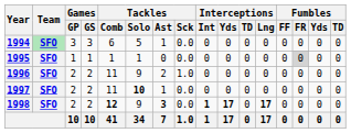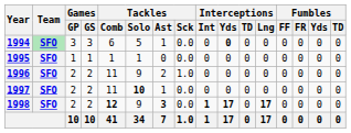 <table class="wikitable" style="text-align:center">
 <tr>
 <th rowspan="2">Year</th>
 <th rowspan="2">Team</th>
 <th colspan="2">Games</th>
 <th colspan="4">Tackles</th>
 <th colspan="4">Interceptions</th>
 <th colspan="4">Fumbles</th>
 </tr>
 <tr>
 <th>GP</th>
 <th>GS</th>
 <th>Comb</th>
 <th>Solo</th>
 <th>Ast</th>
 <th>Sck</th>
 <th>Int</th>
 <th>Yds</th>
 <th>TD</th>
 <th>Lng</th>
 <th>FF</th>
 <th>FR</th>
 <th>Yds</th>
 <th>TD</th>
 </tr>
 <tr>
 <th><a href='#'>1994</a></th>
 <th style="background:#afe6ba; width:3em;"><a href='#'>SFO</a></th>
 <td>3</td>
 <td>3</td>
 <td>6</td>
 <td>5</td>
 <td>1</td>
 <td>0.0</td>
 <td>0</td>
-<td>0</td>
+<td><strong>0</strong></td>
 <td>0</td>
 <td>0</td>
 <td>0</td>
 <td>0</td>
 <td>0</td>
 <td>0</td>
 </tr>
 <tr>
 <th><a href='#'>1995</a></th>
 <th><a href='#'>SFO</a></th>
 <td>1</td>
 <td>1</td>
 <td>1</td>
 <td>1</td>
 <td>0</td>
 <td>0.0</td>
 <td>0</td>
 <td>0</td>
 <td>0</td>
 <td>0</td>
 <td>0</td>
-<td style="background: lightgrey;">0</td>
+<td>0</td>
 <td>0</td>
 <td>0</td>
 </tr>
 <tr>
 <th><a href='#'>1996</a></th>
 <th><a href='#'>SFO</a></th>
 <td>2</td>
 <td>2</td>
 <td>11</td>
 <td>9</td>
 <td>2</td>
 <td>1.0</td>
 <td>0</td>
 <td>0</td>
 <td>0</td>
 <td>0</td>
 <td>0</td>
 <td>0</td>
 <td>0</td>
 <td>0</td>
 </tr>
 <tr>
 <th><a href='#'>1997</a></th>
 <th><a href='#'>SFO</a></th>
 <td>2</td>
 <td>2</td>
 <td>11</td>
 <td><strong>10</strong></td>
 <td>1</td>
 <td>0.0</td>
 <td>0</td>
 <td>0</td>
 <td>0</td>
 <td>0</td>
 <td>0</td>
 <td>0</td>
 <td>0</td>
 <td>0</td>
 </tr>
 <tr>
 <th><a href='#'>1998</a></th>
 <th><a href='#'>SFO</a></th>
 <td>2</td>
 <td>2</td>
 <td><strong>12</strong></td>
 <td>9</td>
 <td><strong>3</strong></td>
 <td>0.0</td>
 <td><strong>1</strong></td>
 <td><strong>17</strong></td>
 <td>0</td>
 <td><strong>17</strong></td>
 <td>0</td>
 <td>0</td>
 <td>0</td>
 <td>0</td>
 </tr>
 <tr>
 <th colspan="2"></th>
 <th>10</th>
 <th>10</th>
 <th>41</th>
 <th>34</th>
 <th>7</th>
 <th>1.0</th>
 <th>1</th>
 <th>17</th>
 <th>0</th>
 <th>17</th>
 <th>0</th>
 <th>0</th>
 <th>0</th>
 <th>0</th>
 </tr>
 </table>
